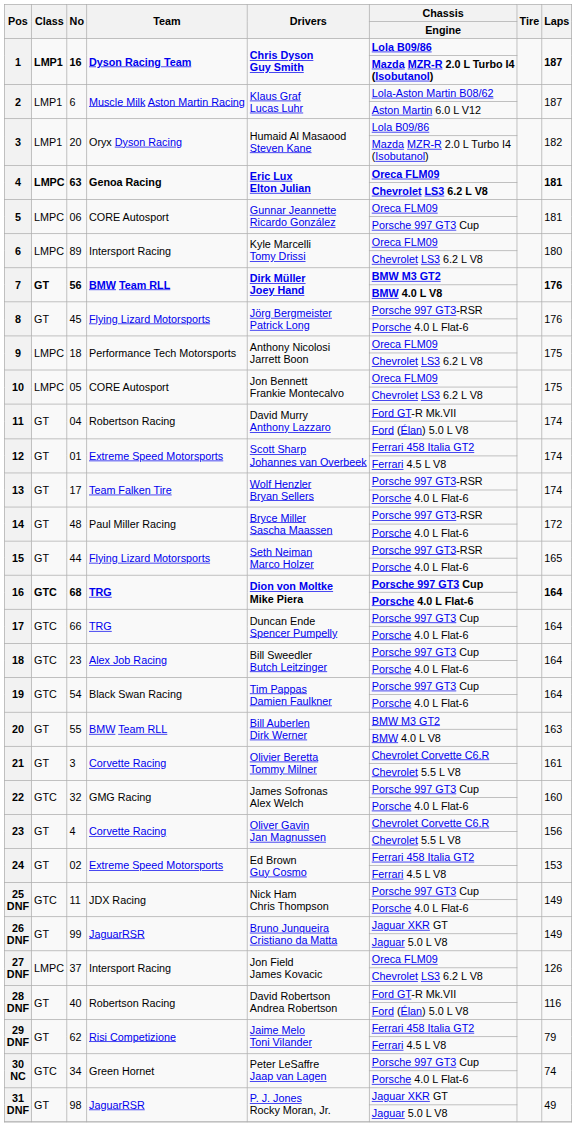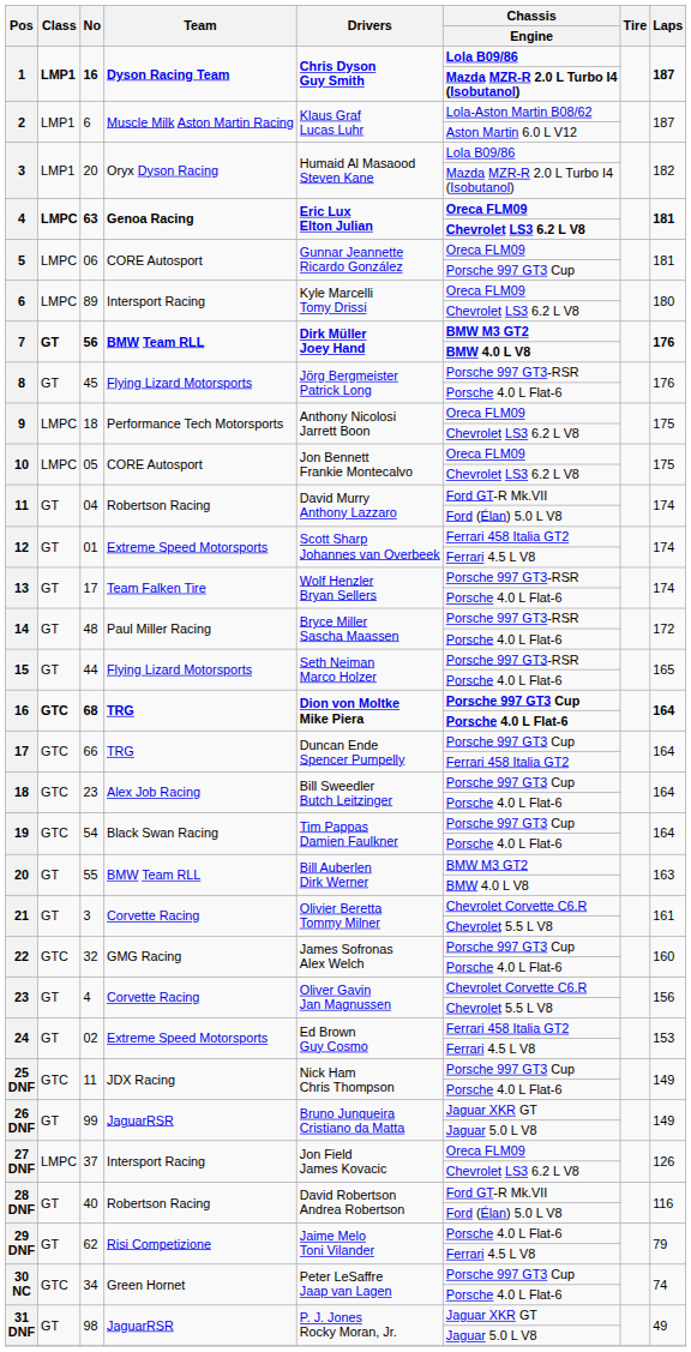 <table class="wikitable" style="font-size: 95%;">
 <tr>
 <th rowspan=2>Pos</th>
 <th rowspan=2>Class</th>
 <th rowspan=2>No</th>
 <th rowspan=2>Team</th>
 <th rowspan=2>Drivers</th>
 <th>Chassis</th>
 <th rowspan=2>Tire</th>
 <th rowspan=2>Laps</th>
 </tr>
 <tr>
 <th>Engine</th>
 </tr>
 <tr style="font-weight:bold">
 <th rowspan=2>1</th>
 <td rowspan=2>LMP1</td>
 <td rowspan=2>16</td>
 <td rowspan=2> <a href='#'>Dyson Racing Team</a></td>
 <td rowspan=2> <a href='#'>Chris Dyson</a><br> <a href='#'>Guy Smith</a></td>
 <td><a href='#'>Lola B09/86</a></td>
 <td rowspan=2></td>
 <td rowspan=2>187</td>
 </tr>
 <tr style="font-weight:bold">
 <td><a href='#'>Mazda</a> <a href='#'>MZR-R</a> 2.0 L Turbo I4<br>(<a href='#'>Isobutanol</a>)</td>
 </tr>
 <tr>
 <th rowspan=2>2</th>
 <td rowspan=2>LMP1</td>
 <td rowspan=2>6</td>
 <td rowspan=2> <a href='#'>Muscle Milk</a> <a href='#'>Aston Martin Racing</a></td>
 <td rowspan=2> <a href='#'>Klaus Graf</a><br> <a href='#'>Lucas Luhr</a></td>
 <td><a href='#'>Lola-Aston Martin B08/62</a></td>
 <td rowspan=2></td>
 <td rowspan=2>187</td>
 </tr>
 <tr>
 <td><a href='#'>Aston Martin</a> 6.0 L V12</td>
 </tr>
 <tr>
 <th rowspan=2>3</th>
 <td rowspan=2>LMP1</td>
 <td rowspan=2>20</td>
 <td rowspan=2> Oryx <a href='#'>Dyson Racing</a></td>
 <td rowspan=2> Humaid Al Masaood<br> <a href='#'>Steven Kane</a></td>
 <td><a href='#'>Lola B09/86</a></td>
 <td rowspan=2></td>
 <td rowspan=2>182</td>
 </tr>
 <tr>
 <td><a href='#'>Mazda</a> <a href='#'>MZR-R</a> 2.0 L Turbo I4<br>(<a href='#'>Isobutanol</a>)</td>
 </tr>
 <tr style="font-weight:bold">
 <th rowspan=2>4</th>
 <td rowspan=2>LMPC</td>
 <td rowspan=2>63</td>
 <td rowspan=2> Genoa Racing</td>
 <td rowspan=2> <a href='#'>Eric Lux</a><br> <a href='#'>Elton Julian</a></td>
 <td><a href='#'>Oreca FLM09</a></td>
 <td rowspan=2></td>
 <td rowspan=2>181</td>
 </tr>
 <tr style="font-weight:bold">
 <td><a href='#'>Chevrolet</a> <a href='#'>LS3</a> 6.2 L V8</td>
 </tr>
 <tr>
 <th rowspan=2>5</th>
 <td rowspan=2>LMPC</td>
 <td rowspan=2>06</td>
 <td rowspan=2> CORE Autosport</td>
 <td rowspan=2> <a href='#'>Gunnar Jeannette</a><br> <a href='#'>Ricardo González</a></td>
 <td><a href='#'>Oreca FLM09</a></td>
 <td rowspan=2></td>
 <td rowspan=2>181</td>
 </tr>
 <tr>
 <td><a href='#'>Porsche 997 GT3</a> Cup</td>
 </tr>
 <tr>
 <th rowspan=2>6</th>
 <td rowspan=2>LMPC</td>
 <td rowspan=2>89</td>
 <td rowspan=2> Intersport Racing</td>
 <td rowspan=2> Kyle Marcelli<br> <a href='#'>Tomy Drissi</a></td>
 <td><a href='#'>Oreca FLM09</a></td>
 <td rowspan=2></td>
 <td rowspan=2>180</td>
 </tr>
 <tr>
 <td><a href='#'>Chevrolet</a> <a href='#'>LS3</a> 6.2 L V8</td>
 </tr>
 <tr style="font-weight:bold">
 <th rowspan=2>7</th>
 <td rowspan=2>GT</td>
 <td rowspan=2>56</td>
 <td rowspan=2> <a href='#'>BMW</a> <a href='#'>Team RLL</a></td>
 <td rowspan=2> <a href='#'>Dirk Müller</a><br> <a href='#'>Joey Hand</a></td>
 <td><a href='#'>BMW M3 GT2</a></td>
 <td rowspan=2></td>
 <td rowspan=2>176</td>
 </tr>
 <tr style="font-weight:bold">
 <td><a href='#'>BMW</a> 4.0 L V8</td>
 </tr>
 <tr>
 <th rowspan=2>8</th>
 <td rowspan=2>GT</td>
 <td rowspan=2>45</td>
 <td rowspan=2> <a href='#'>Flying Lizard Motorsports</a></td>
 <td rowspan=2> <a href='#'>Jörg Bergmeister</a><br> <a href='#'>Patrick Long</a></td>
 <td><a href='#'>Porsche 997 GT3</a>-RSR</td>
 <td rowspan=2></td>
 <td rowspan=2>176</td>
 </tr>
 <tr>
 <td><a href='#'>Porsche</a> 4.0 L Flat-6</td>
 </tr>
 <tr>
 <th rowspan=2>9</th>
 <td rowspan=2>LMPC</td>
 <td rowspan=2>18</td>
 <td rowspan=2> Performance Tech Motorsports</td>
 <td rowspan=2> Anthony Nicolosi<br> Jarrett Boon</td>
 <td><a href='#'>Oreca FLM09</a></td>
 <td rowspan=2></td>
 <td rowspan=2>175</td>
 </tr>
 <tr>
 <td><a href='#'>Chevrolet</a> <a href='#'>LS3</a> 6.2 L V8</td>
 </tr>
 <tr>
 <th rowspan=2>10</th>
 <td rowspan=2>LMPC</td>
 <td rowspan=2>05</td>
 <td rowspan=2> CORE Autosport</td>
 <td rowspan=2> Jon Bennett<br> Frankie Montecalvo</td>
 <td><a href='#'>Oreca FLM09</a></td>
 <td rowspan=2></td>
 <td rowspan=2>175</td>
 </tr>
 <tr>
 <td><a href='#'>Chevrolet</a> <a href='#'>LS3</a> 6.2 L V8</td>
 </tr>
 <tr>
 <th rowspan=2>11</th>
 <td rowspan=2>GT</td>
 <td rowspan=2>04</td>
 <td rowspan=2> Robertson Racing</td>
 <td rowspan=2> David Murry<br> <a href='#'>Anthony Lazzaro</a></td>
 <td><a href='#'>Ford GT</a>-R Mk.VII</td>
 <td rowspan=2></td>
 <td rowspan=2>174</td>
 </tr>
 <tr>
 <td><a href='#'>Ford</a> (<a href='#'>Élan</a>) 5.0 L V8</td>
 </tr>
 <tr>
 <th rowspan=2>12</th>
 <td rowspan=2>GT</td>
 <td rowspan=2>01</td>
 <td rowspan=2> <a href='#'>Extreme Speed Motorsports</a></td>
 <td rowspan=2> <a href='#'>Scott Sharp</a><br> <a href='#'>Johannes van Overbeek</a></td>
 <td><a href='#'>Ferrari 458 Italia GT2</a></td>
 <td rowspan=2></td>
 <td rowspan=2>174</td>
 </tr>
 <tr>
 <td><a href='#'>Ferrari</a> 4.5 L V8</td>
 </tr>
 <tr>
 <th rowspan=2>13</th>
 <td rowspan=2>GT</td>
 <td rowspan=2>17</td>
 <td rowspan=2> <a href='#'>Team Falken Tire</a></td>
 <td rowspan=2> <a href='#'>Wolf Henzler</a><br> <a href='#'>Bryan Sellers</a></td>
 <td><a href='#'>Porsche 997 GT3</a>-RSR</td>
 <td rowspan=2></td>
 <td rowspan=2>174</td>
 </tr>
 <tr>
 <td><a href='#'>Porsche</a> 4.0 L Flat-6</td>
 </tr>
 <tr>
 <th rowspan=2>14</th>
 <td rowspan=2>GT</td>
 <td rowspan=2>48</td>
 <td rowspan=2> Paul Miller Racing</td>
 <td rowspan=2> <a href='#'>Bryce Miller</a><br> <a href='#'>Sascha Maassen</a></td>
 <td><a href='#'>Porsche 997 GT3</a>-RSR</td>
 <td rowspan=2></td>
 <td rowspan=2>172</td>
 </tr>
 <tr>
 <td><a href='#'>Porsche</a> 4.0 L Flat-6</td>
 </tr>
 <tr>
 <th rowspan=2>15</th>
 <td rowspan=2>GT</td>
 <td rowspan=2>44</td>
 <td rowspan=2> <a href='#'>Flying Lizard Motorsports</a></td>
 <td rowspan=2> <a href='#'>Seth Neiman</a><br> <a href='#'>Marco Holzer</a></td>
 <td><a href='#'>Porsche 997 GT3</a>-RSR</td>
 <td rowspan=2></td>
 <td rowspan=2>165</td>
 </tr>
 <tr>
 <td><a href='#'>Porsche</a> 4.0 L Flat-6</td>
 </tr>
 <tr style="font-weight:bold">
 <th rowspan=2>16</th>
 <td rowspan=2>GTC</td>
 <td rowspan=2>68</td>
 <td rowspan=2> <a href='#'>TRG</a></td>
 <td rowspan=2> <a href='#'>Dion von Moltke</a><br> Mike Piera</td>
 <td><a href='#'>Porsche 997 GT3</a> Cup</td>
 <td rowspan=2></td>
 <td rowspan=2>164</td>
 </tr>
 <tr style="font-weight:bold">
 <td><a href='#'>Porsche</a> 4.0 L Flat-6</td>
 </tr>
 <tr>
 <th rowspan=2>17</th>
 <td rowspan=2>GTC</td>
 <td rowspan=2>66</td>
 <td rowspan=2> <a href='#'>TRG</a></td>
 <td rowspan=2> Duncan Ende<br> <a href='#'>Spencer Pumpelly</a></td>
 <td><a href='#'>Porsche 997 GT3</a> Cup</td>
 <td rowspan=2></td>
 <td rowspan=2>164</td>
 </tr>
 <tr>
-<td><a href='#'>Porsche</a> 4.0 L Flat-6</td>
+<td><a href='#'>Ferrari 458 Italia GT2</a></td>
 </tr>
 <tr>
 <th rowspan=2>18</th>
 <td rowspan=2>GTC</td>
 <td rowspan=2>23</td>
 <td rowspan=2> <a href='#'>Alex Job Racing</a></td>
 <td rowspan=2> Bill Sweedler<br> <a href='#'>Butch Leitzinger</a></td>
 <td><a href='#'>Porsche 997 GT3</a> Cup</td>
 <td rowspan=2></td>
 <td rowspan=2>164</td>
 </tr>
 <tr>
 <td><a href='#'>Porsche</a> 4.0 L Flat-6</td>
 </tr>
 <tr>
 <th rowspan=2>19</th>
 <td rowspan=2>GTC</td>
 <td rowspan=2>54</td>
 <td rowspan=2> Black Swan Racing</td>
 <td rowspan=2> <a href='#'>Tim Pappas</a><br> <a href='#'>Damien Faulkner</a></td>
 <td><a href='#'>Porsche 997 GT3</a> Cup</td>
 <td rowspan=2></td>
 <td rowspan=2>164</td>
 </tr>
 <tr>
 <td><a href='#'>Porsche</a> 4.0 L Flat-6</td>
 </tr>
 <tr>
 <th rowspan=2>20</th>
 <td rowspan=2>GT</td>
 <td rowspan=2>55</td>
 <td rowspan=2> <a href='#'>BMW</a> <a href='#'>Team RLL</a></td>
 <td rowspan=2> <a href='#'>Bill Auberlen</a><br> <a href='#'>Dirk Werner</a></td>
 <td><a href='#'>BMW M3 GT2</a></td>
 <td rowspan=2></td>
 <td rowspan=2>163</td>
 </tr>
 <tr>
 <td><a href='#'>BMW</a> 4.0 L V8</td>
 </tr>
 <tr>
 <th rowspan=2>21</th>
 <td rowspan=2>GT</td>
 <td rowspan=2>3</td>
 <td rowspan=2> <a href='#'>Corvette Racing</a></td>
 <td rowspan=2> <a href='#'>Olivier Beretta</a><br> <a href='#'>Tommy Milner</a></td>
 <td><a href='#'>Chevrolet Corvette C6.R</a></td>
 <td rowspan=2></td>
 <td rowspan=2>161</td>
 </tr>
 <tr>
 <td><a href='#'>Chevrolet</a> 5.5 L V8</td>
 </tr>
 <tr>
 <th rowspan=2>22</th>
 <td rowspan=2>GTC</td>
 <td rowspan=2>32</td>
 <td rowspan=2> GMG Racing</td>
 <td rowspan=2> James Sofronas<br> Alex Welch</td>
 <td><a href='#'>Porsche 997 GT3</a> Cup</td>
 <td rowspan=2></td>
 <td rowspan=2>160</td>
 </tr>
 <tr>
 <td><a href='#'>Porsche</a> 4.0 L Flat-6</td>
 </tr>
 <tr>
 <th rowspan=2>23</th>
 <td rowspan=2>GT</td>
 <td rowspan=2>4</td>
 <td rowspan=2> <a href='#'>Corvette Racing</a></td>
 <td rowspan=2> <a href='#'>Oliver Gavin</a><br> <a href='#'>Jan Magnussen</a></td>
 <td><a href='#'>Chevrolet Corvette C6.R</a></td>
 <td rowspan=2></td>
 <td rowspan=2>156</td>
 </tr>
 <tr>
 <td><a href='#'>Chevrolet</a> 5.5 L V8</td>
 </tr>
 <tr>
 <th rowspan=2>24</th>
 <td rowspan=2>GT</td>
 <td rowspan=2>02</td>
 <td rowspan=2> <a href='#'>Extreme Speed Motorsports</a></td>
 <td rowspan=2> Ed Brown<br> <a href='#'>Guy Cosmo</a></td>
 <td><a href='#'>Ferrari 458 Italia GT2</a></td>
 <td rowspan=2></td>
 <td rowspan=2>153</td>
 </tr>
 <tr>
 <td><a href='#'>Ferrari</a> 4.5 L V8</td>
 </tr>
 <tr>
 <th rowspan=2>25<br>DNF</th>
 <td rowspan=2>GTC</td>
 <td rowspan=2>11</td>
 <td rowspan=2> JDX Racing</td>
 <td rowspan=2> Nick Ham<br> Chris Thompson</td>
 <td><a href='#'>Porsche 997 GT3</a> Cup</td>
 <td rowspan=2></td>
 <td rowspan=2>149</td>
 </tr>
 <tr>
 <td><a href='#'>Porsche</a> 4.0 L Flat-6</td>
 </tr>
 <tr>
 <th rowspan=2>26<br>DNF</th>
 <td rowspan=2>GT</td>
 <td rowspan=2>99</td>
 <td rowspan=2> <a href='#'>Jaguar</a><a href='#'>RSR</a></td>
 <td rowspan=2> <a href='#'>Bruno Junqueira</a><br> <a href='#'>Cristiano da Matta</a></td>
 <td><a href='#'>Jaguar XKR</a> GT</td>
 <td rowspan=2></td>
 <td rowspan=2>149</td>
 </tr>
 <tr>
 <td><a href='#'>Jaguar</a> 5.0 L V8</td>
 </tr>
 <tr>
 <th rowspan=2>27<br>DNF</th>
 <td rowspan=2>LMPC</td>
 <td rowspan=2>37</td>
 <td rowspan=2> Intersport Racing</td>
 <td rowspan=2> Jon Field<br> James Kovacic</td>
 <td><a href='#'>Oreca FLM09</a></td>
 <td rowspan=2></td>
 <td rowspan=2>126</td>
 </tr>
 <tr>
 <td><a href='#'>Chevrolet</a> <a href='#'>LS3</a> 6.2 L V8</td>
 </tr>
 <tr>
 <th rowspan=2>28<br>DNF</th>
 <td rowspan=2>GT</td>
 <td rowspan=2>40</td>
 <td rowspan=2> Robertson Racing</td>
 <td rowspan=2> David Robertson<br> Andrea Robertson</td>
 <td><a href='#'>Ford GT</a>-R Mk.VII</td>
 <td rowspan=2></td>
 <td rowspan=2>116</td>
 </tr>
 <tr>
 <td><a href='#'>Ford</a> (<a href='#'>Élan</a>) 5.0 L V8</td>
 </tr>
 <tr>
 <th rowspan=2>29<br>DNF</th>
 <td rowspan=2>GT</td>
 <td rowspan=2>62</td>
 <td rowspan=2> <a href='#'>Risi Competizione</a></td>
 <td rowspan=2> <a href='#'>Jaime Melo</a><br> <a href='#'>Toni Vilander</a></td>
-<td><a href='#'>Ferrari 458 Italia GT2</a></td>
+<td><a href='#'>Porsche</a> 4.0 L Flat-6</td>
 <td rowspan=2></td>
 <td rowspan=2>79</td>
 </tr>
 <tr>
 <td><a href='#'>Ferrari</a> 4.5 L V8</td>
 </tr>
 <tr>
 <th rowspan=2>30<br>NC</th>
 <td rowspan=2>GTC</td>
 <td rowspan=2>34</td>
 <td rowspan=2> Green Hornet</td>
 <td rowspan=2> Peter LeSaffre<br> <a href='#'>Jaap van Lagen</a></td>
 <td><a href='#'>Porsche 997 GT3</a> Cup</td>
 <td rowspan=2></td>
 <td rowspan=2>74</td>
 </tr>
 <tr>
 <td><a href='#'>Porsche</a> 4.0 L Flat-6</td>
 </tr>
 <tr>
 <th rowspan=2>31<br>DNF</th>
 <td rowspan=2>GT</td>
 <td rowspan=2>98</td>
 <td rowspan=2> <a href='#'>Jaguar</a><a href='#'>RSR</a></td>
 <td rowspan=2> <a href='#'>P. J. Jones</a><br> Rocky Moran, Jr.</td>
 <td><a href='#'>Jaguar XKR</a> GT</td>
 <td rowspan=2></td>
 <td rowspan=2>49</td>
 </tr>
 <tr>
 <td><a href='#'>Jaguar</a> 5.0 L V8</td>
 </tr>
 <tr>
 </tr>
 </table>
